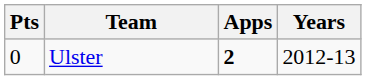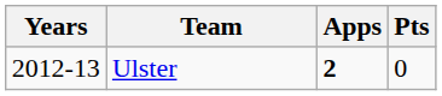 <table class="wikitable" style="text-align:left;">
 <tr>
-<th>Pts</th>
+<th>Years</th>
 <th width=120px>Team</th>
 <th>Apps</th>
-<th>Years</th>
+<th>Pts</th>
 </tr>
 <tr>
-<td>0</td>
+<td>2012-13</td>
 <td><a href='#'>Ulster</a></td>
 <td><strong>2</strong></td>
-<td>2012-13</td>
+<td>0</td>
 </tr>
 </table>
